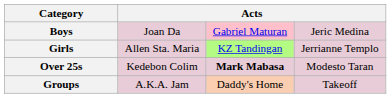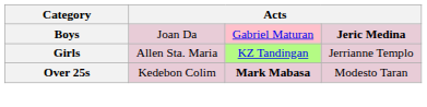 <table class="wikitable" style="text-align:center">
 <tr>
 <th spope="col" style="width:155px;">Category </th>
 <th scope="col" style="width:375px;" colspan="3">Acts</th>
 </tr>
 <tr>
 <th scope="row">Boys </th>
 <td style="background:#E8CCD7">Joan Da</td>
 <td style="background:pink"><a href='#'>Gabriel Maturan</a></td>
-<td style="background:#E8CCD7">Jeric Medina</td>
+<td style="background:#E8CCD7"><strong>Jeric Medina</strong></td>
 </tr>
 <tr>
 <th scope="row">Girls </th>
 <td style="background:#E8CCD7">Allen Sta. Maria</td>
 <td style="background:#B4FB84"><a href='#'>KZ Tandingan</a></td>
 <td style="background:#E8CCD7">Jerrianne Templo</td>
 </tr>
 <tr>
 <th scope="row">Over 25s </th>
 <td style="background:#E8CCD7">Kedebon Colim</td>
 <td style="background:#E8CCD7"><strong>Mark Mabasa</strong></td>
 <td style="background:#E8CCD7">Modesto Taran</td>
 </tr>
-<tr>
-<th scope="row">Groups </th>
-<td style="background:#E8CCD7">A.K.A. Jam</td>
-<td style="background:#FBCEB1">Daddy's Home</td>
-<td style="background:#E8CCD7">Takeoff</td>
-</tr>
 </table>
